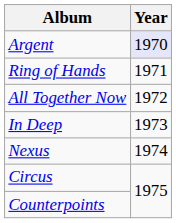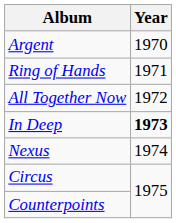 <table class="wikitable">
 <tr>
 <th>Album</th>
 <th>Year</th>
 </tr>
 <tr>
 <td><em><a href='#'>Argent</a></em></td>
-<td style="background: lavender;">1970</td>
+<td>1970</td>
 </tr>
 <tr>
 <td><em><a href='#'>Ring of Hands</a></em></td>
 <td>1971</td>
 </tr>
 <tr>
 <td><em><a href='#'>All Together Now</a></em></td>
 <td>1972</td>
 </tr>
 <tr>
 <td><em><a href='#'>In Deep</a></em></td>
-<td>1973</td>
+<td><strong>1973</strong></td>
 </tr>
 <tr>
 <td><em><a href='#'>Nexus</a></em></td>
 <td>1974</td>
 </tr>
 <tr>
 <td><em><a href='#'>Circus</a></em></td>
 <td rowspan="2">1975</td>
 </tr>
 <tr>
 <td><em><a href='#'>Counterpoints</a></em></td>
 </tr>
 </table>
